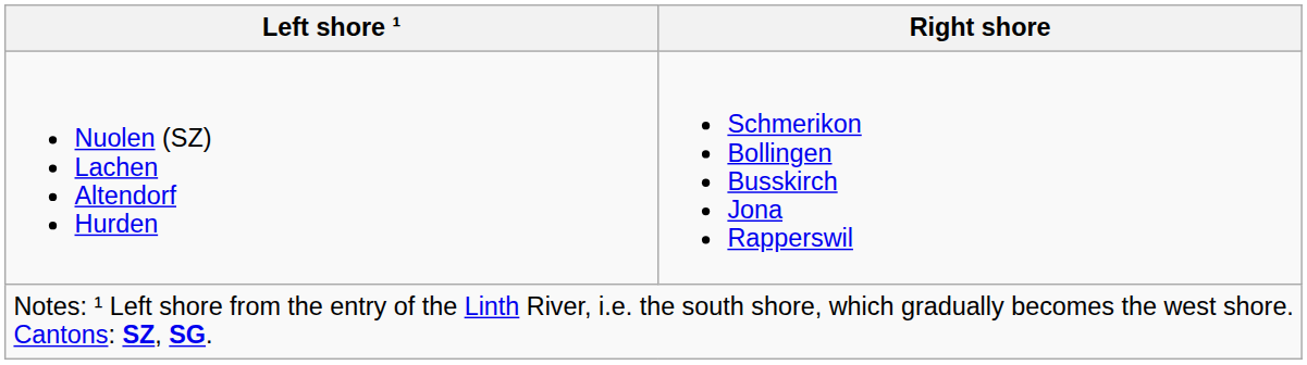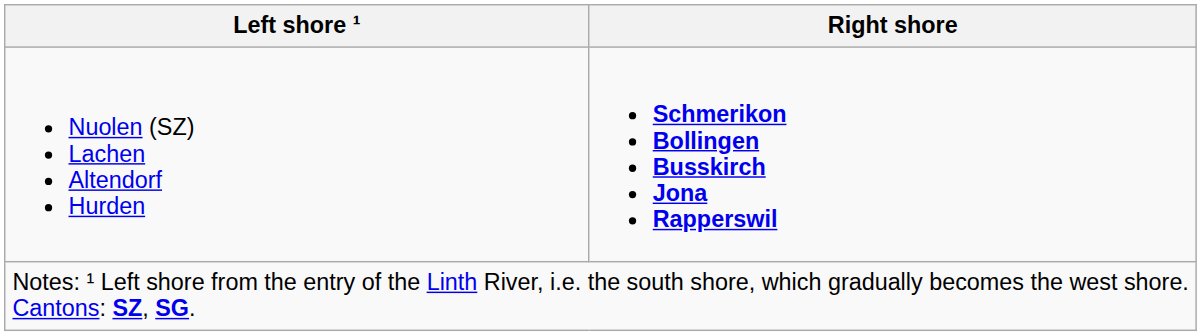 <table class="wikitable">
 <tr>
 <th style="padding:0.3em">Left shore ¹</th>
 <th style="padding:0.3em">Right shore</th>
 </tr>
 <tr>
 <td><br><ul><li><a href='#'>Nuolen</a> (SZ)</li><li><a href='#'>Lachen</a> </li><li><a href='#'>Altendorf</a> </li><li><a href='#'>Hurden</a> </li></ul></td>
-<td valign=top><br><ul><li><a href='#'>Schmerikon</a> </li><li><a href='#'>Bollingen</a> </li><li><a href='#'>Busskirch</a> </li><li><a href='#'>Jona</a> </li><li><a href='#'>Rapperswil</a> </li></ul></td>
+<td valign=top><strong><br><ul><li><a href='#'>Schmerikon</a> </li><li><a href='#'>Bollingen</a> </li><li><a href='#'>Busskirch</a> </li><li><a href='#'>Jona</a> </li><li><a href='#'>Rapperswil</a> </li></ul></strong></td>
 </tr>
 <tr>
 <td colspan=2 style="padding:0.3em">Notes: ¹ Left shore from the entry of the <a href='#'>Linth</a> River, i.e. the south shore, which gradually becomes the west shore.<br><a href='#'>Cantons</a>: <strong><a href='#'>SZ</a></strong>, <strong><a href='#'>SG</a></strong>.</td>
 </tr>
 </table>
